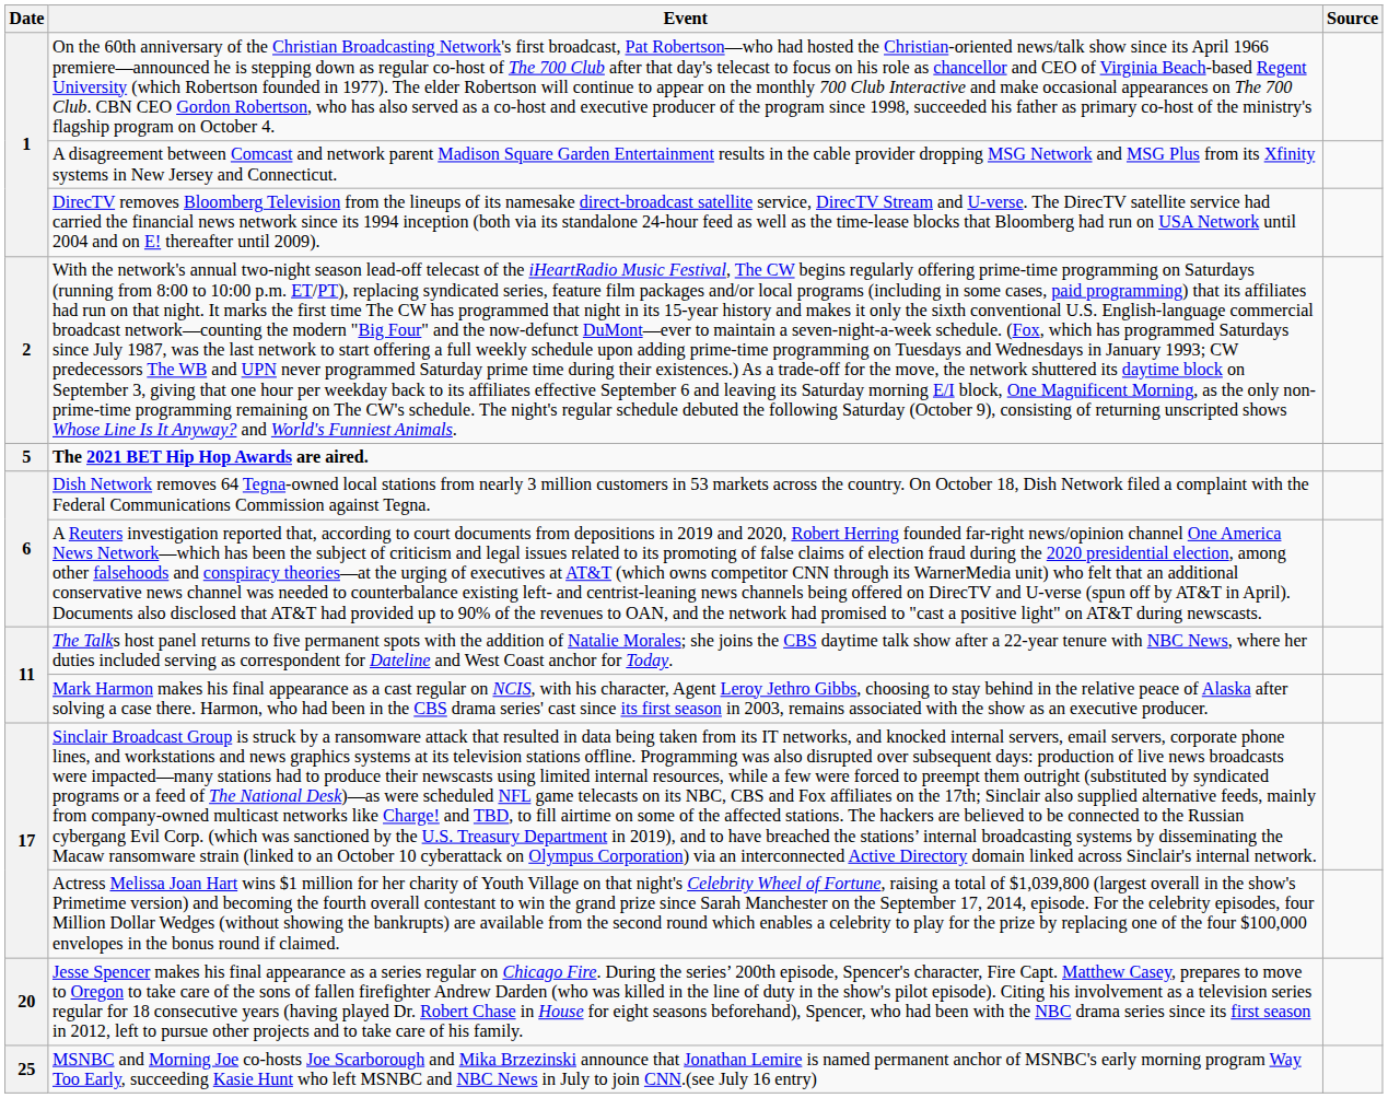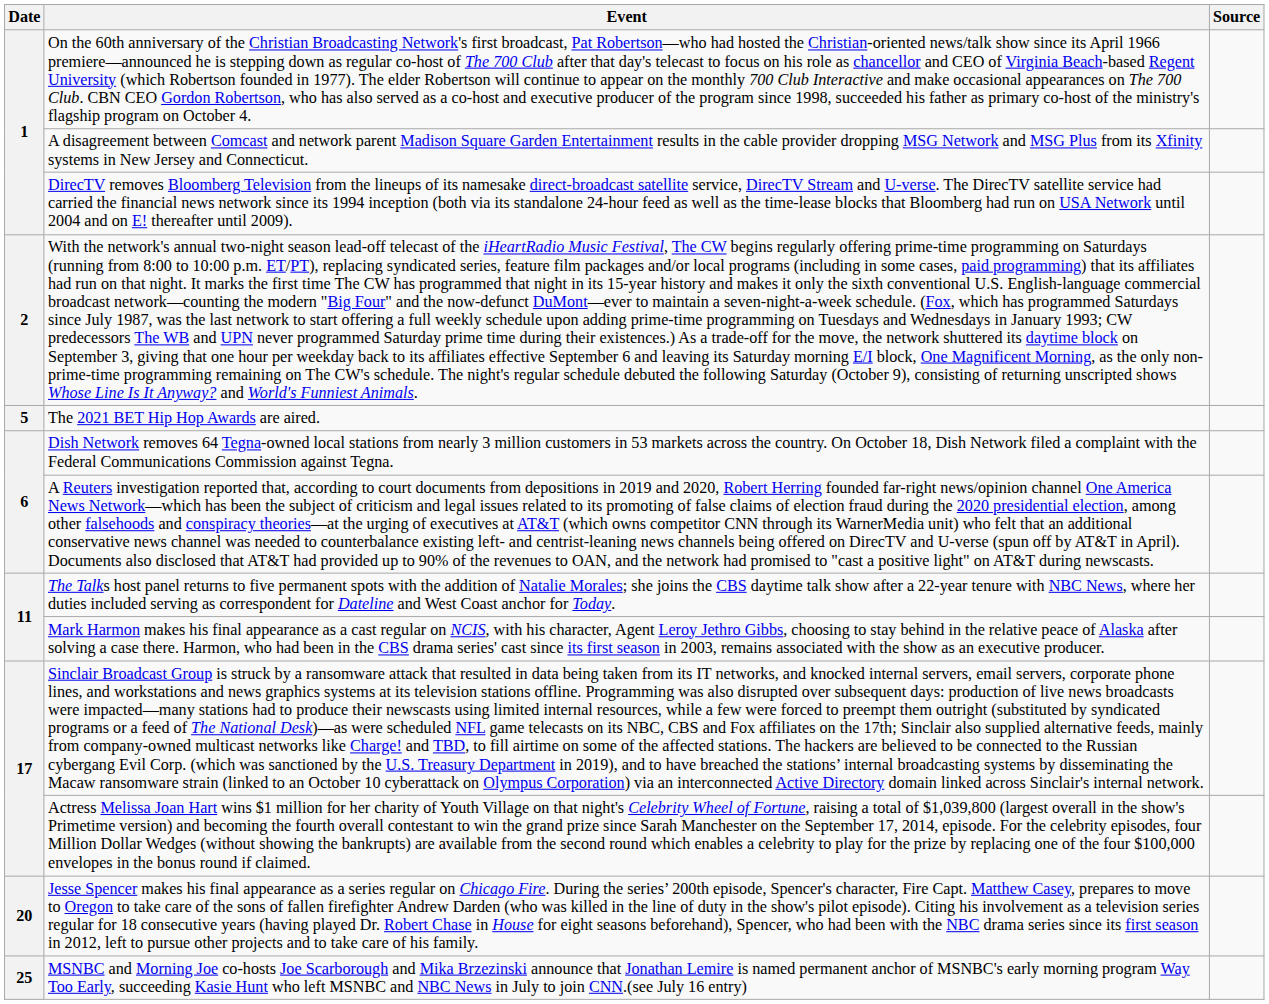 <table class="wikitable">
 <tr>
 <th>Date</th>
 <th>Event</th>
 <th>Source</th>
 </tr>
 <tr>
 <th rowspan="3">1</th>
 <td>On the 60th anniversary of the <a href='#'>Christian Broadcasting Network</a>'s first broadcast, <a href='#'>Pat Robertson</a>—who had hosted the <a href='#'>Christian</a>-oriented news/talk show since its April 1966 premiere—announced he is stepping down as regular co-host of <em><a href='#'>The 700 Club</a></em> after that day's telecast to focus on his role as <a href='#'>chancellor</a> and CEO of <a href='#'>Virginia Beach</a>-based <a href='#'>Regent University</a> (which Robertson founded in 1977). The elder Robertson will continue to appear on the monthly <em>700 Club Interactive</em> and make occasional appearances on <em>The 700 Club</em>. CBN CEO <a href='#'>Gordon Robertson</a>, who has also served as a co-host and executive producer of the program since 1998, succeeded his father as primary co-host of the ministry's flagship program on October 4.</td>
 <td></td>
 </tr>
 <tr>
 <td>A disagreement between <a href='#'>Comcast</a> and network parent <a href='#'>Madison Square Garden Entertainment</a> results in the cable provider dropping <a href='#'>MSG Network</a> and <a href='#'>MSG Plus</a> from its <a href='#'>Xfinity</a> systems in New Jersey and Connecticut.</td>
 <td></td>
 </tr>
 <tr>
 <td><a href='#'>DirecTV</a> removes <a href='#'>Bloomberg Television</a> from the lineups of its namesake <a href='#'>direct-broadcast satellite</a> service, <a href='#'>DirecTV Stream</a> and <a href='#'>U-verse</a>. The DirecTV satellite service had carried the financial news network since its 1994 inception (both via its standalone 24-hour feed as well as the time-lease blocks that Bloomberg had run on <a href='#'>USA Network</a> until 2004 and on <a href='#'>E!</a> thereafter until 2009).</td>
 <td></td>
 </tr>
 <tr>
 <th>2</th>
 <td>With the network's annual two-night season lead-off telecast of the <em><a href='#'>iHeartRadio Music Festival</a></em>, <a href='#'>The CW</a> begins regularly offering prime-time programming on Saturdays (running from 8:00 to 10:00 p.m. <a href='#'>ET</a>/<a href='#'>PT</a>), replacing syndicated series, feature film packages and/or local programs (including in some cases, <a href='#'>paid programming</a>) that its affiliates had run on that night. It marks the first time The CW has programmed that night in its 15-year history and makes it only the sixth conventional U.S. English-language commercial broadcast network—counting the modern "<a href='#'>Big Four</a>" and the now-defunct <a href='#'>DuMont</a>—ever to maintain a seven-night-a-week schedule. (<a href='#'>Fox</a>, which has programmed Saturdays since July 1987, was the last network to start offering a full weekly schedule upon adding prime-time programming on Tuesdays and Wednesdays in January 1993; CW predecessors <a href='#'>The WB</a> and <a href='#'>UPN</a> never programmed Saturday prime time during their existences.) As a trade-off for the move, the network shuttered its <a href='#'>daytime block</a> on September 3, giving that one hour per weekday back to its affiliates effective September 6 and leaving its Saturday morning <a href='#'>E/I</a> block, <a href='#'>One Magnificent Morning</a>, as the only non-prime-time programming remaining on The CW's schedule. The night's regular schedule debuted the following Saturday (October 9), consisting of returning unscripted shows <em><a href='#'>Whose Line Is It Anyway?</a></em> and <em><a href='#'>World's Funniest Animals</a></em>.</td>
 <td></td>
 </tr>
 <tr>
 <th>5</th>
-<td><strong>The <a href='#'>2021 BET Hip Hop Awards</a> are aired.</strong></td>
+<td>The <a href='#'>2021 BET Hip Hop Awards</a> are aired.</td>
 <td></td>
 </tr>
 <tr>
 <th rowspan=2>6</th>
 <td><a href='#'>Dish Network</a> removes 64 <a href='#'>Tegna</a>-owned local stations from nearly 3 million customers in 53 markets across the country. On October 18, Dish Network filed a complaint with the Federal Communications Commission against Tegna.</td>
 <td></td>
 </tr>
 <tr>
 <td>A <a href='#'>Reuters</a> investigation reported that, according to court documents from depositions in 2019 and 2020, <a href='#'>Robert Herring</a> founded far-right news/opinion channel <a href='#'>One America News Network</a>—which has been the subject of criticism and legal issues related to its promoting of false claims of election fraud during the <a href='#'>2020 presidential election</a>, among other <a href='#'>falsehoods</a> and <a href='#'>conspiracy theories</a>—at the urging of executives at <a href='#'>AT&T</a> (which owns competitor CNN through its WarnerMedia unit) who felt that an additional conservative news channel was needed to counterbalance existing left- and centrist-leaning news channels being offered on DirecTV and U-verse (spun off by AT&T in April). Documents also disclosed that AT&T had provided up to 90% of the revenues to OAN, and the network had promised to "cast a positive light" on AT&T during newscasts.</td>
 <td></td>
 </tr>
 <tr>
 <th rowspan=2>11</th>
 <td><em><a href='#'>The Talk</a></em>s host panel returns to five permanent spots with the addition of <a href='#'>Natalie Morales</a>; she joins the <a href='#'>CBS</a> daytime talk show after a 22-year tenure with <a href='#'>NBC News</a>, where her duties included serving as correspondent for <em><a href='#'>Dateline</a></em> and West Coast anchor for <em><a href='#'>Today</a></em>.</td>
 <td></td>
 </tr>
 <tr>
 <td><a href='#'>Mark Harmon</a> makes his final appearance as a cast regular on <em><a href='#'>NCIS</a></em>, with his character, Agent <a href='#'>Leroy Jethro Gibbs</a>, choosing to stay behind in the relative peace of <a href='#'>Alaska</a> after solving a case there.  Harmon, who had been in the <a href='#'>CBS</a> drama series' cast since <a href='#'>its first season</a> in 2003, remains associated with the show as an executive producer.</td>
 <td></td>
 </tr>
 <tr>
 <th rowspan=2>17</th>
 <td><a href='#'>Sinclair Broadcast Group</a> is struck by a ransomware attack that resulted in data being taken from its IT networks, and knocked internal servers, email servers, corporate phone lines, and workstations and news graphics systems at its television stations offline. Programming was also disrupted over subsequent days: production of live news broadcasts were impacted—many stations had to produce their newscasts using limited internal resources, while a few were forced to preempt them outright (substituted by syndicated programs or a feed of <em><a href='#'>The National Desk</a></em>)—as were scheduled <a href='#'>NFL</a> game telecasts on its NBC, CBS and Fox affiliates on the 17th; Sinclair also supplied alternative feeds, mainly from company-owned multicast networks like <a href='#'>Charge!</a> and <a href='#'>TBD</a>, to fill airtime on some of the affected stations. The hackers are believed to be connected to the Russian cybergang Evil Corp. (which was sanctioned by the <a href='#'>U.S. Treasury Department</a> in 2019), and to have breached the stations’ internal broadcasting systems by disseminating the Macaw ransomware strain (linked to an October 10 cyberattack on <a href='#'>Olympus Corporation</a>) via an interconnected <a href='#'>Active Directory</a> domain linked across Sinclair's internal network.</td>
 <td><br></td>
 </tr>
 <tr>
 <td>Actress <a href='#'>Melissa Joan Hart</a> wins $1 million for her charity of Youth Village on that night's <em><a href='#'>Celebrity Wheel of Fortune</a></em>, raising a total of $1,039,800 (largest overall in the show's Primetime version) and becoming the fourth overall contestant to win the grand prize since Sarah Manchester on the September 17, 2014, episode. For the celebrity episodes, four Million Dollar Wedges (without showing the bankrupts) are available from the second round which enables a celebrity to play for the prize by replacing one of the four $100,000 envelopes in the bonus round if claimed.</td>
 <td></td>
 </tr>
 <tr>
 <th>20</th>
 <td><a href='#'>Jesse Spencer</a> makes his final appearance as a series regular on <em><a href='#'>Chicago Fire</a></em>. During the series’ 200th episode, Spencer's character, Fire Capt. <a href='#'>Matthew Casey</a>, prepares to move to <a href='#'>Oregon</a> to take care of the sons of fallen firefighter Andrew Darden (who was killed in the line of duty in the show's pilot episode). Citing his involvement as a television series regular for 18 consecutive years (having played Dr. <a href='#'>Robert Chase</a> in <em><a href='#'>House</a></em> for eight seasons beforehand), Spencer, who had been with the <a href='#'>NBC</a> drama series since its <a href='#'>first season</a> in 2012, left to pursue other projects and to take care of his family.</td>
 <td></td>
 </tr>
 <tr>
 <th>25</th>
 <td><a href='#'>MSNBC</a> and <a href='#'>Morning Joe</a> co-hosts <a href='#'>Joe Scarborough</a> and <a href='#'>Mika Brzezinski</a> announce that <a href='#'>Jonathan Lemire</a> is named permanent anchor of MSNBC's early morning program <a href='#'>Way Too Early</a>, succeeding <a href='#'>Kasie Hunt</a> who left MSNBC and <a href='#'>NBC News</a> in July to join <a href='#'>CNN</a>.(see July 16 entry)</td>
 <td></td>
 </tr>
 </table>
